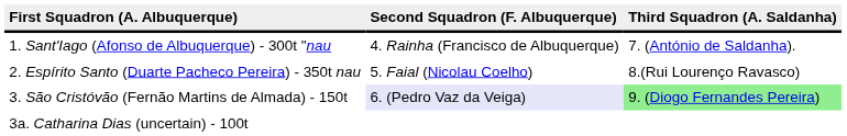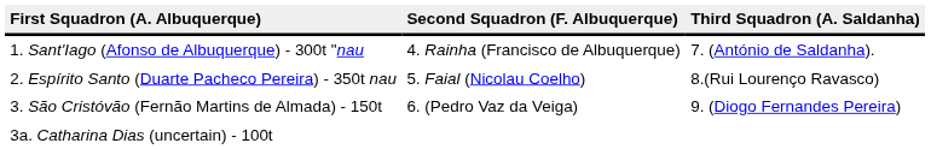 <table class="toccolours" style="border-collapse:collapse" cellpadding=5>
 <tr>
 <td style="border-bottom:3px solid; background:#efefef;"><strong>First Squadron (A. Albuquerque)</strong></td>
 <td style="border-bottom:3px solid; background:#efefef;"><strong>Second Squadron (F. Albuquerque)</strong></td>
 <td style="border-bottom:3px solid; background:#efefef;"><strong>Third Squadron (A. Saldanha)</strong></td>
 </tr>
 <tr valign = top>
 <td>1.  <em>Sant'Iago</em>  (<a href='#'>Afonso de Albuquerque</a>) - 300t "<a href='#'><em>nau</em></a></td>
 <td>4. <em>Rainha</em> (Francisco de Albuquerque)</td>
 <td>7. (<a href='#'>António de Saldanha</a>).</td>
 </tr>
 <tr valign = top>
 <td>2. <em>Espírito Santo</em> (<a href='#'>Duarte Pacheco Pereira</a>) - 350t <em>nau</em></td>
 <td>5. <em>Faial</em> (<a href='#'>Nicolau Coelho</a>)</td>
 <td>8.(Rui Lourenço Ravasco)</td>
 </tr>
 <tr valign = top>
 <td>3.  <em>São Cristóvão</em> (Fernão Martins de Almada) - 150t</td>
-<td style="background: lavender;">6. (Pedro Vaz da Veiga)</td>
-<td style="background: lightgreen;">9. (<a href='#'>Diogo Fernandes Pereira</a>)</td>
+<td>6. (Pedro Vaz da Veiga)</td>
+<td>9. (<a href='#'>Diogo Fernandes Pereira</a>)</td>
 </tr>
 <tr>
 <td>3a. <em>Catharina Dias</em> (uncertain) - 100t</td>
 </tr>
 </table>
